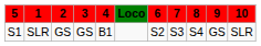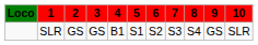 <table class="wikitable plainrowheaders unsortable" style="text-align:center">
 <tr>
-<th scope="col" rowspan="1" style="background:red;">5</th>
+<th scope="col" rowspan="1" style="background:green;">Loco</th>
 <th scope="col" rowspan="1" style="background:red;">1</th>
 <th scope="col" rowspan="1" style="background:red;">2</th>
 <th scope="col" rowspan="1" style="background:red;">3</th>
 <th scope="col" rowspan="1" style="background:red;">4</th>
-<th scope="col" rowspan="1" style="background:green;">Loco</th>
+<th scope="col" rowspan="1" style="background:red;">5</th>
 <th scope="col" rowspan="1" style="background:red;">6</th>
 <th scope="col" rowspan="1" style="background:red;">7</th>
 <th scope="col" rowspan="1" style="background:red;">8</th>
 <th scope="col" rowspan="1" style="background:red;">9</th>
 <th scope="col" rowspan="1" style="background:red;">10</th>
 </tr>
 <tr>
-<td>S1</td>
+<td></td>
 <td>SLR</td>
 <td>GS</td>
 <td>GS</td>
 <td>B1</td>
-<td></td>
+<td>S1</td>
 <td>S2</td>
 <td>S3</td>
 <td>S4</td>
 <td>GS</td>
 <td>SLR</td>
 </tr>
 </table>
